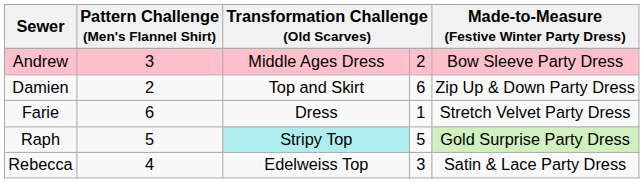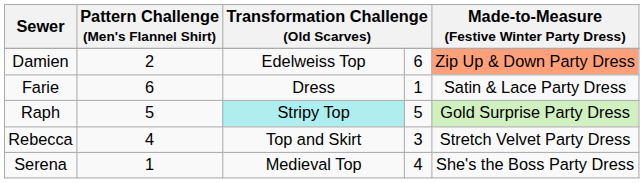 <table class="wikitable" style="text-align:center;">
 <tr>
 <th>Sewer</th>
 <th>Pattern Challenge<br><small>(Men's Flannel Shirt)</small></th>
 <th colspan="2">Transformation Challenge<br><small>(Old Scarves)</small></th>
 <th>Made-to-Measure<br><small>(Festive Winter Party Dress)</small></th>
 </tr>
 <tr>
 </tr>
 <tr>
 </tr>
 <tr>
 </tr>
-<tr style="background:pink">
-<td>Andrew</td>
-<td>3</td>
-<td>Middle Ages Dress</td>
-<td>2</td>
-<td>Bow Sleeve Party Dress</td>
-</tr>
 <tr>
 <td>Damien</td>
 <td>2</td>
-<td>Top and Skirt</td>
+<td>Edelweiss Top</td>
 <td>6</td>
-<td>Zip Up & Down Party Dress</td>
+<td style="background: lightsalmon;">Zip Up & Down Party Dress</td>
 </tr>
 <tr>
 <td>Farie</td>
 <td>6</td>
 <td>Dress</td>
 <td>1</td>
-<td>Stretch Velvet Party Dress</td>
+<td>Satin & Lace Party Dress</td>
 </tr>
 <tr>
 <td>Raph</td>
 <td>5</td>
 <td style="background: paleturquoise;">Stripy Top</td>
 <td>5</td>
 <td style="background:#d0f0c0">Gold Surprise Party Dress</td>
 </tr>
 <tr>
 <td>Rebecca</td>
 <td>4</td>
-<td>Edelweiss Top</td>
+<td>Top and Skirt</td>
 <td>3</td>
-<td>Satin & Lace Party Dress</td>
+<td>Stretch Velvet Party Dress</td>
+</tr>
+<tr>
+<td>Serena</td>
+<td>1</td>
+<td>Medieval Top</td>
+<td>4</td>
+<td>She's the Boss Party Dress</td>
 </tr>
 </table>
